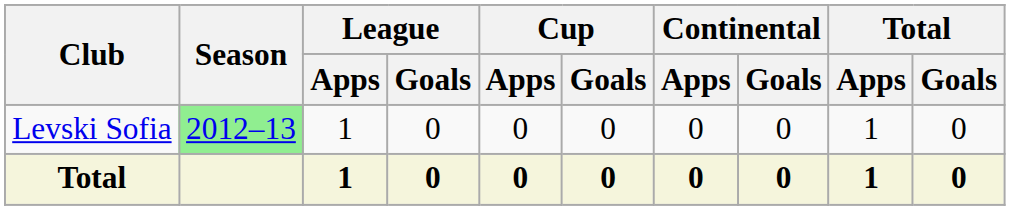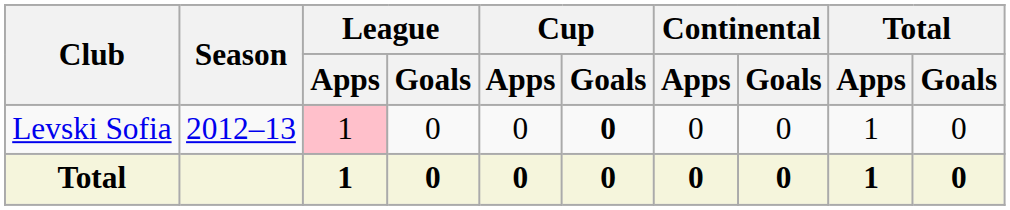 <table class="wikitable" style="text-align: center;">
 <tr>
 <th rowspan="2">Club</th>
 <th rowspan="2">Season</th>
 <th colspan="2">League</th>
 <th colspan="2">Cup</th>
 <th colspan="2">Continental</th>
 <th colspan="2">Total</th>
 </tr>
 <tr>
 <th>Apps</th>
 <th>Goals</th>
 <th>Apps</th>
 <th>Goals</th>
 <th>Apps</th>
 <th>Goals</th>
 <th>Apps</th>
 <th>Goals</th>
 </tr>
 <tr>
 <td rowspan="1"><a href='#'>Levski Sofia</a></td>
-<td style="background: lightgreen;"><a href='#'>2012–13</a></td>
-<td>1</td>
+<td><a href='#'>2012–13</a></td>
+<td style="background: pink;">1</td>
 <td>0</td>
 <td>0</td>
-<td>0</td>
+<td><strong>0</strong></td>
 <td>0</td>
 <td>0</td>
 <td>1</td>
 <td>0</td>
 </tr>
 <tr>
 <th style="text-align:center; background:beige;">Total</th>
 <th style="text-align:center; background:beige;"></th>
 <th style="text-align:center; background:beige;">1</th>
 <th style="text-align:center; background:beige;">0</th>
 <th style="text-align:center; background:beige;">0</th>
 <th style="text-align:center; background:beige;">0</th>
 <th style="text-align:center; background:beige;">0</th>
 <th style="text-align:center; background:beige;">0</th>
 <th style="text-align:center; background:beige;">1</th>
 <th style="text-align:center; background:beige;">0</th>
 </tr>
 </table>
